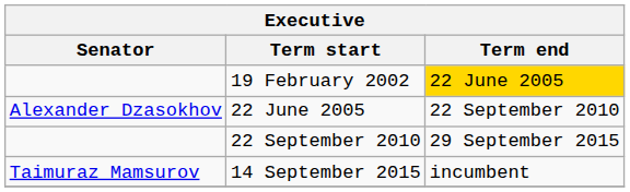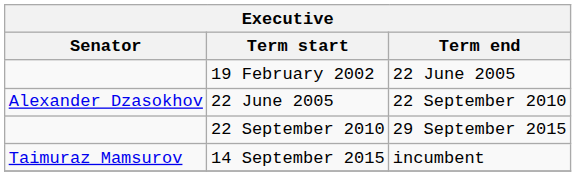 <table class="wikitable sortable">
 <tr>
 <th colspan=3>Executive</th>
 </tr>
 <tr>
 <th>Senator</th>
 <th>Term start</th>
 <th>Term end</th>
 </tr>
 <tr>
 <td></td>
 <td>19 February 2002</td>
-<td style="background: gold;">22 June 2005</td>
+<td>22 June 2005</td>
 </tr>
 <tr>
 <td><a href='#'>Alexander Dzasokhov</a></td>
 <td>22 June 2005</td>
 <td>22 September 2010</td>
 </tr>
 <tr>
 <td></td>
 <td>22 September 2010</td>
 <td>29 September 2015</td>
 </tr>
 <tr>
 <td><a href='#'>Taimuraz Mamsurov</a></td>
 <td>14 September 2015</td>
 <td>incumbent</td>
 </tr>
 <tr>
 </tr>
 </table>
